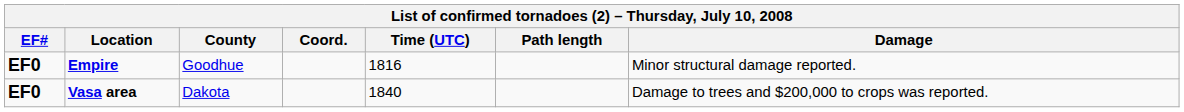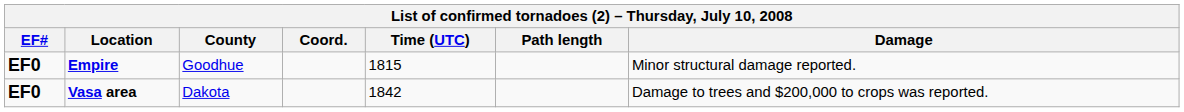 <table class="wikitable collapsible" width="100%">
 <tr>
 <th colspan="7">List of confirmed tornadoes (2) – Thursday, July 10, 2008</th>
 </tr>
 <tr>
 <th><a href='#'>EF#</a></th>
 <th>Location</th>
 <th>County</th>
 <th>Coord.</th>
 <th>Time (<a href='#'>UTC</a>)</th>
 <th>Path length</th>
 <th>Damage</th>
 </tr>
 <tr>
 <td><big><strong>EF0</strong></big></td>
 <td><strong><a href='#'>Empire</a></strong></td>
 <td><a href='#'>Goodhue</a></td>
 <td></td>
-<td>1816</td>
+<td>1815</td>
 <td></td>
 <td>Minor structural damage reported.</td>
 </tr>
 <tr>
 <td><big><strong>EF0</strong></big></td>
 <td><strong><a href='#'>Vasa</a> area</strong></td>
 <td><a href='#'>Dakota</a></td>
 <td></td>
-<td>1840</td>
+<td>1842</td>
 <td></td>
 <td>Damage to trees and $200,000 to crops was reported.</td>
 </tr>
 </table>
